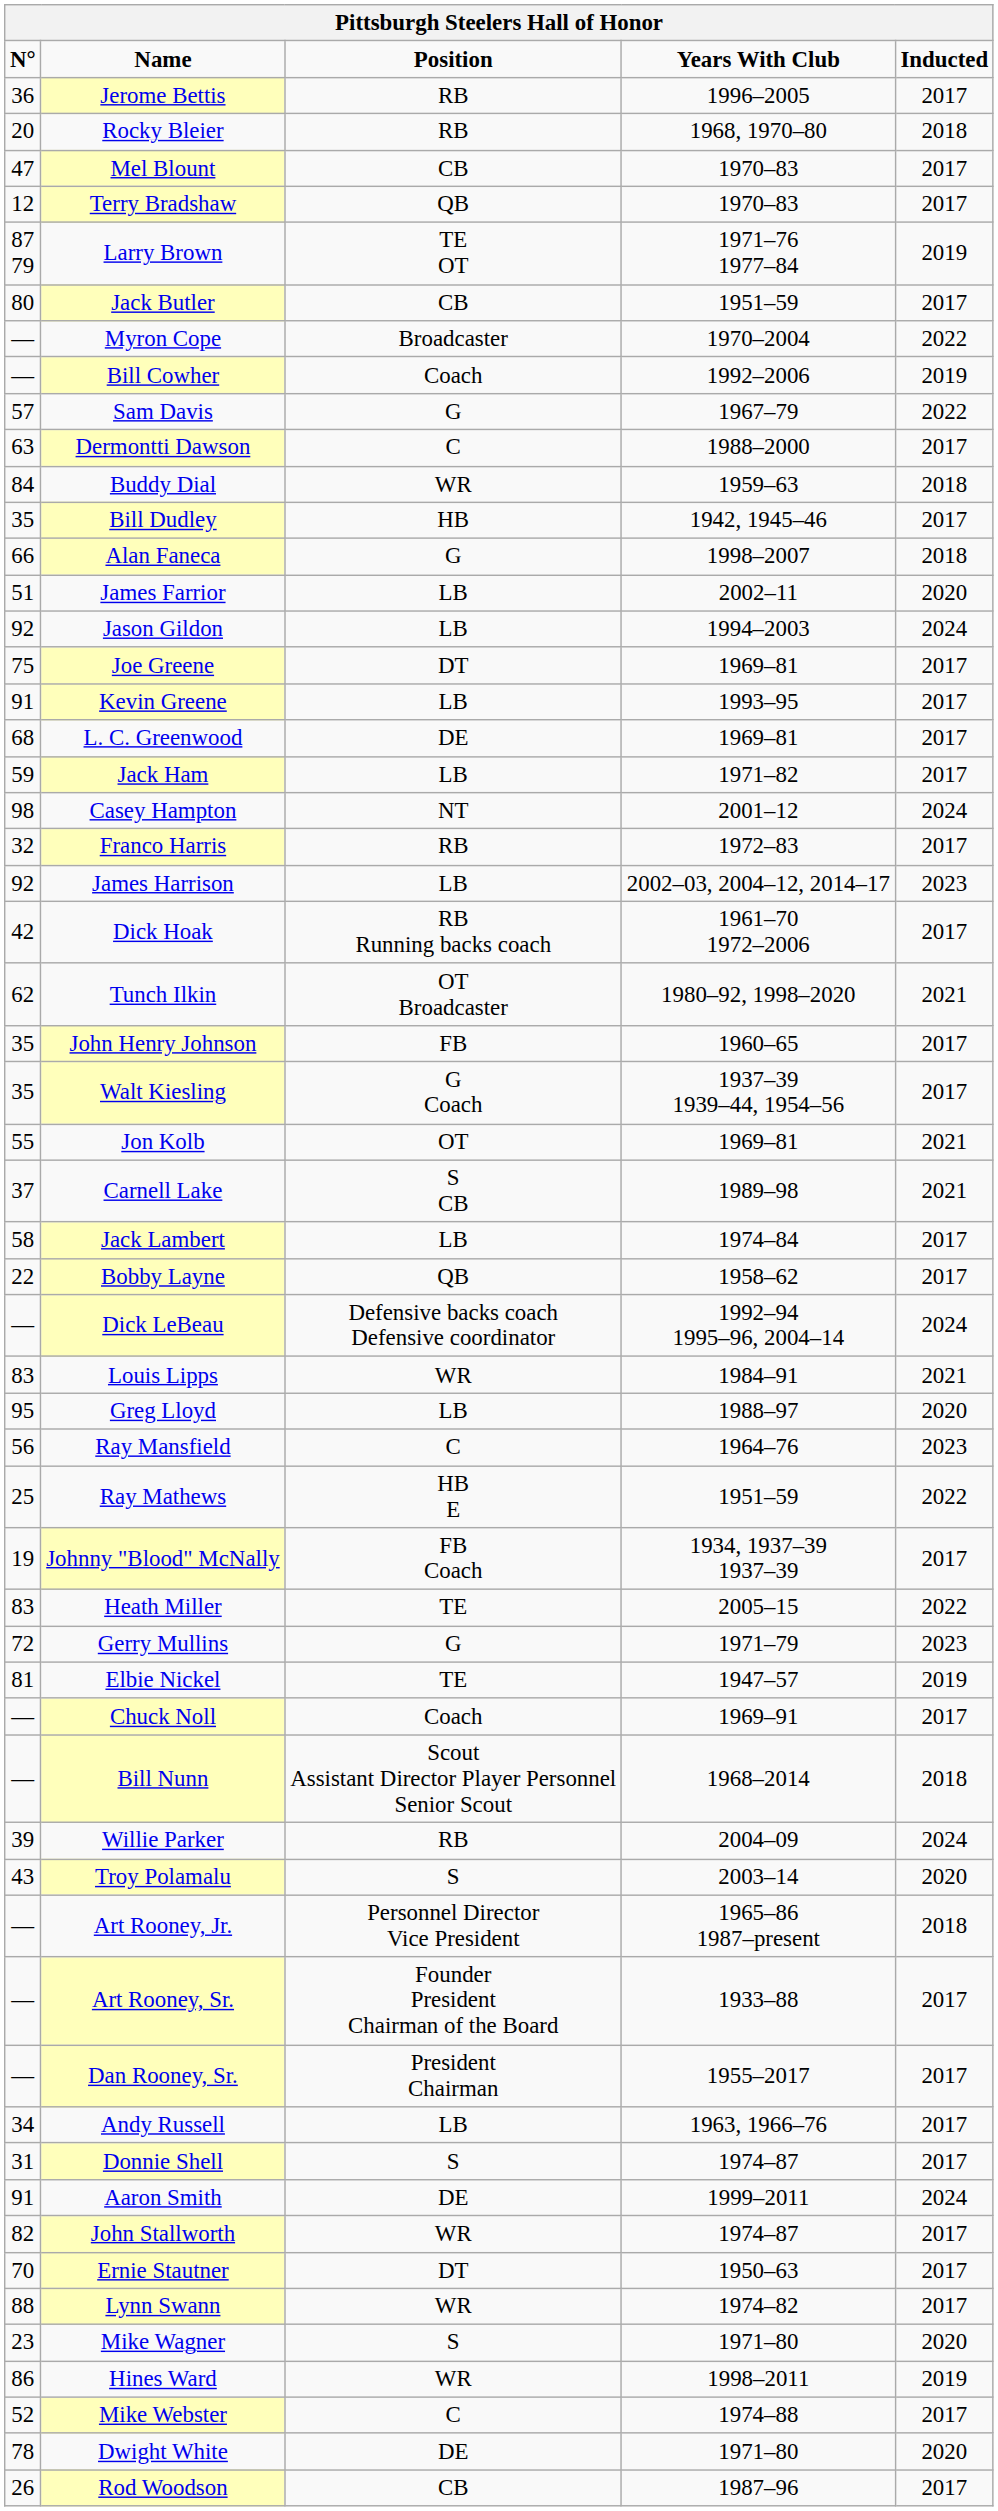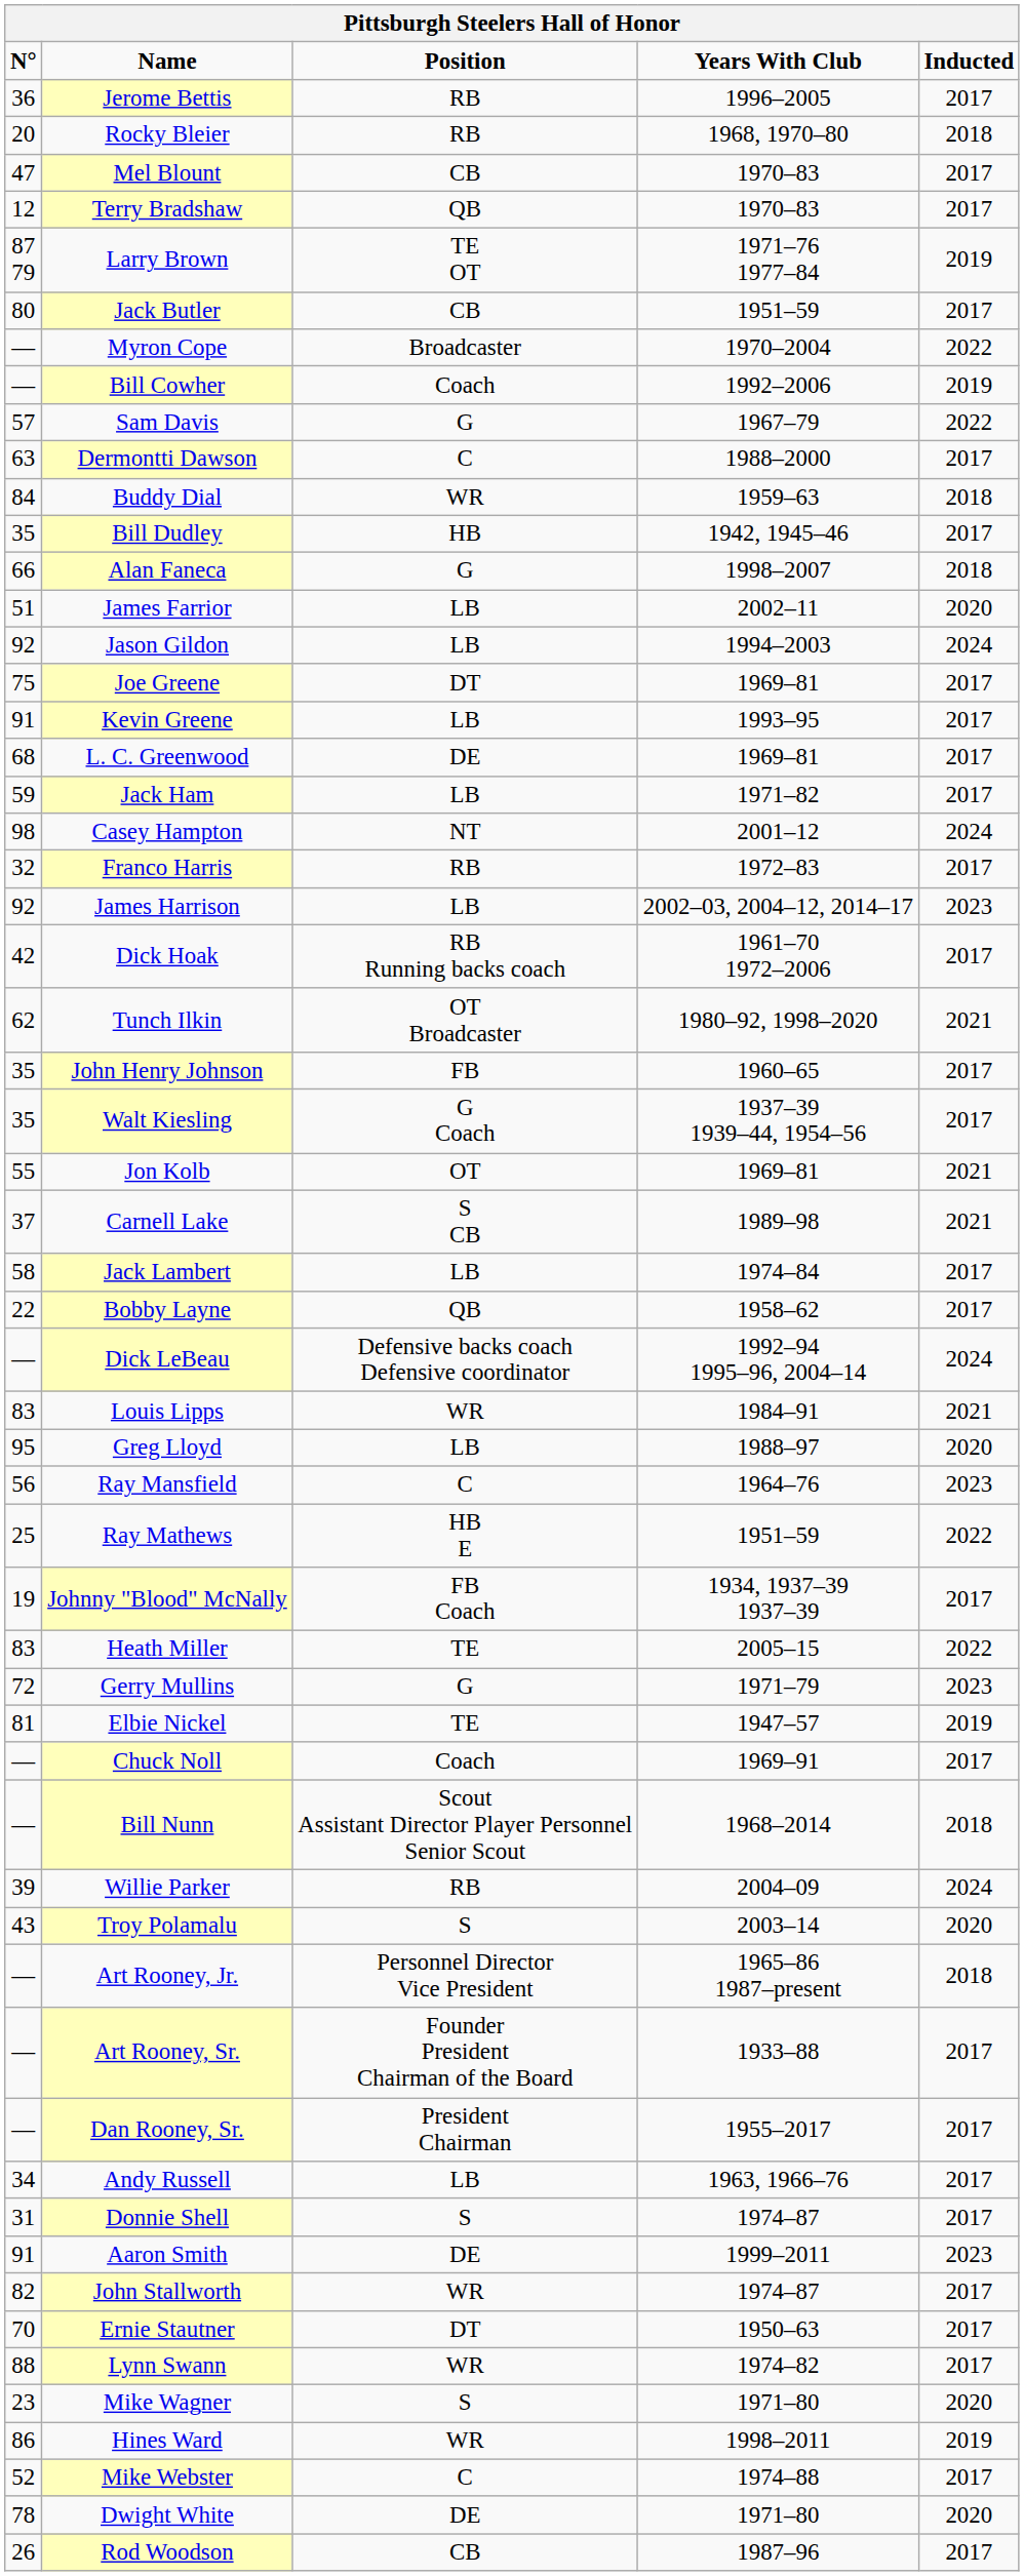 <table class="wikitable" style="text-align:center">
 <tr>
 <th colspan="5">Pittsburgh Steelers Hall of Honor</th>
 </tr>
 <tr>
 <td><strong>N°</strong></td>
 <td><strong>Name</strong></td>
 <td><strong>Position </strong></td>
 <td><strong>Years With Club</strong></td>
 <td><strong>Inducted</strong></td>
 </tr>
 <tr>
 <td>36</td>
 <td style="background:#ffb"><a href='#'>Jerome Bettis</a></td>
 <td>RB</td>
 <td>1996–2005</td>
 <td>2017</td>
 </tr>
 <tr>
 <td>20</td>
 <td><a href='#'>Rocky Bleier</a></td>
 <td>RB</td>
 <td>1968, 1970–80</td>
 <td>2018</td>
 </tr>
 <tr>
 <td>47</td>
 <td style="background:#ffb"><a href='#'>Mel Blount</a></td>
 <td>CB</td>
 <td>1970–83</td>
 <td>2017</td>
 </tr>
 <tr>
 <td>12</td>
 <td style="background:#ffb"><a href='#'>Terry Bradshaw</a></td>
 <td>QB</td>
 <td>1970–83</td>
 <td>2017</td>
 </tr>
 <tr>
 <td>87<br>79<br></td>
 <td><a href='#'>Larry Brown</a></td>
 <td>TE<br>OT<br></td>
 <td>1971–76<br>1977–84 <br></td>
 <td>2019</td>
 </tr>
 <tr>
 <td>80</td>
 <td style="background:#ffb"><a href='#'>Jack Butler</a></td>
 <td>CB</td>
 <td>1951–59</td>
 <td>2017</td>
 </tr>
 <tr>
 <td>—</td>
 <td><a href='#'>Myron Cope</a></td>
 <td>Broadcaster</td>
 <td>1970–2004</td>
 <td>2022</td>
 </tr>
 <tr>
 <td>—</td>
 <td style="background:#ffb"><a href='#'>Bill Cowher</a></td>
 <td>Coach</td>
 <td>1992–2006</td>
 <td>2019</td>
 </tr>
 <tr>
 <td>57</td>
 <td><a href='#'>Sam Davis</a></td>
 <td>G</td>
 <td>1967–79</td>
 <td>2022</td>
 </tr>
 <tr>
 <td>63</td>
 <td style="background:#ffb"><a href='#'>Dermontti Dawson</a></td>
 <td>C</td>
 <td>1988–2000</td>
 <td>2017</td>
 </tr>
 <tr>
 <td>84</td>
 <td><a href='#'>Buddy Dial</a></td>
 <td>WR</td>
 <td>1959–63</td>
 <td>2018</td>
 </tr>
 <tr>
 <td>35</td>
 <td style="background:#ffb"><a href='#'>Bill Dudley</a></td>
 <td>HB</td>
 <td>1942, 1945–46</td>
 <td>2017</td>
 </tr>
 <tr>
 <td>66</td>
 <td style="background:#ffb"><a href='#'>Alan Faneca</a></td>
 <td>G</td>
 <td>1998–2007</td>
 <td>2018</td>
 </tr>
 <tr>
 <td>51</td>
 <td><a href='#'>James Farrior</a></td>
 <td>LB</td>
 <td>2002–11</td>
 <td>2020</td>
 </tr>
 <tr>
 <td>92</td>
 <td><a href='#'>Jason Gildon</a></td>
 <td>LB</td>
 <td>1994–2003</td>
 <td>2024</td>
 </tr>
 <tr>
 <td>75</td>
 <td style="background:#ffb"><a href='#'>Joe Greene</a></td>
 <td>DT</td>
 <td>1969–81</td>
 <td>2017</td>
 </tr>
 <tr>
 <td>91</td>
 <td style="background:#ffb"><a href='#'>Kevin Greene</a></td>
 <td>LB</td>
 <td>1993–95</td>
 <td>2017</td>
 </tr>
 <tr>
 <td>68</td>
 <td><a href='#'>L. C. Greenwood</a></td>
 <td>DE</td>
 <td>1969–81</td>
 <td>2017</td>
 </tr>
 <tr>
 <td>59</td>
 <td style="background:#ffb"><a href='#'>Jack Ham</a></td>
 <td>LB</td>
 <td>1971–82</td>
 <td>2017</td>
 </tr>
 <tr>
 <td>98</td>
 <td><a href='#'>Casey Hampton</a></td>
 <td>NT</td>
 <td>2001–12</td>
 <td>2024</td>
 </tr>
 <tr>
 <td>32</td>
 <td style="background:#ffb"><a href='#'>Franco Harris</a></td>
 <td>RB</td>
 <td>1972–83</td>
 <td>2017</td>
 </tr>
 <tr>
 <td>92</td>
 <td><a href='#'>James Harrison</a></td>
 <td>LB</td>
 <td>2002–03, 2004–12, 2014–17</td>
 <td>2023</td>
 </tr>
 <tr>
 <td>42</td>
 <td><a href='#'>Dick Hoak</a></td>
 <td>RB<br>Running backs coach<br></td>
 <td>1961–70<br>1972–2006<br></td>
 <td>2017</td>
 </tr>
 <tr>
 <td>62</td>
 <td><a href='#'>Tunch Ilkin</a></td>
 <td>OT<br>Broadcaster<br></td>
 <td>1980–92, 1998–2020</td>
 <td>2021</td>
 </tr>
 <tr>
 <td>35</td>
 <td style="background:#ffb"><a href='#'>John Henry Johnson</a></td>
 <td>FB</td>
 <td>1960–65</td>
 <td>2017</td>
 </tr>
 <tr>
 <td>35</td>
 <td style="background:#ffb"><a href='#'>Walt Kiesling</a></td>
 <td>G<br>Coach<br></td>
 <td>1937–39<br>1939–44, 1954–56<br></td>
 <td>2017</td>
 </tr>
 <tr>
 <td>55</td>
 <td><a href='#'>Jon Kolb</a></td>
 <td>OT</td>
 <td>1969–81</td>
 <td>2021</td>
 </tr>
 <tr>
 <td>37</td>
 <td><a href='#'>Carnell Lake</a></td>
 <td>S<br>CB</td>
 <td>1989–98</td>
 <td>2021</td>
 </tr>
 <tr>
 <td>58</td>
 <td style="background:#ffb"><a href='#'>Jack Lambert</a></td>
 <td>LB</td>
 <td>1974–84</td>
 <td>2017</td>
 </tr>
 <tr>
 <td>22</td>
 <td style="background:#ffb"><a href='#'>Bobby Layne</a></td>
 <td>QB</td>
 <td>1958–62</td>
 <td>2017</td>
 </tr>
 <tr>
 <td>—</td>
 <td style="background:#ffb"><a href='#'>Dick LeBeau</a></td>
 <td>Defensive backs coach<br>Defensive coordinator</td>
 <td>1992–94<br>1995–96, 2004–14</td>
 <td>2024</td>
 </tr>
 <tr>
 <td>83</td>
 <td><a href='#'>Louis Lipps</a></td>
 <td>WR</td>
 <td>1984–91</td>
 <td>2021</td>
 </tr>
 <tr>
 <td>95</td>
 <td><a href='#'>Greg Lloyd</a></td>
 <td>LB</td>
 <td>1988–97</td>
 <td>2020</td>
 </tr>
 <tr>
 <td>56</td>
 <td><a href='#'>Ray Mansfield</a></td>
 <td>C</td>
 <td>1964–76</td>
 <td>2023</td>
 </tr>
 <tr>
 <td>25</td>
 <td><a href='#'>Ray Mathews</a></td>
 <td>HB<br>E</td>
 <td>1951–59</td>
 <td>2022</td>
 </tr>
 <tr>
 <td>19</td>
 <td style="background:#ffb"><a href='#'>Johnny "Blood" McNally</a></td>
 <td>FB<br>Coach<br></td>
 <td>1934, 1937–39<br>1937–39<br></td>
 <td>2017</td>
 </tr>
 <tr>
 <td>83</td>
 <td><a href='#'>Heath Miller</a></td>
 <td>TE</td>
 <td>2005–15</td>
 <td>2022</td>
 </tr>
 <tr>
 <td>72</td>
 <td><a href='#'>Gerry Mullins</a></td>
 <td>G</td>
 <td>1971–79</td>
 <td>2023</td>
 </tr>
 <tr>
 <td>81</td>
 <td><a href='#'>Elbie Nickel</a></td>
 <td>TE</td>
 <td>1947–57</td>
 <td>2019</td>
 </tr>
 <tr>
 <td>—</td>
 <td style="background:#ffb"><a href='#'>Chuck Noll</a></td>
 <td>Coach</td>
 <td>1969–91</td>
 <td>2017</td>
 </tr>
 <tr>
 <td>—</td>
 <td style="background:#ffb"><a href='#'>Bill Nunn</a></td>
 <td>Scout<br>Assistant Director Player Personnel<br>Senior Scout<br></td>
 <td>1968–2014</td>
 <td>2018</td>
 </tr>
 <tr>
 <td>39</td>
 <td><a href='#'>Willie Parker</a></td>
 <td>RB</td>
 <td>2004–09</td>
 <td>2024</td>
 </tr>
 <tr>
 <td>43</td>
 <td style="background:#ffb"><a href='#'>Troy Polamalu</a></td>
 <td>S</td>
 <td>2003–14</td>
 <td>2020</td>
 </tr>
 <tr>
 <td>—</td>
 <td><a href='#'>Art Rooney, Jr.</a></td>
 <td>Personnel Director<br>Vice President<br></td>
 <td>1965–86<br>1987–present<br></td>
 <td>2018</td>
 </tr>
 <tr>
 <td>—</td>
 <td style="background:#ffb"><a href='#'>Art Rooney, Sr.</a></td>
 <td>Founder<br>President<br>Chairman of the Board<br></td>
 <td>1933–88</td>
 <td>2017</td>
 </tr>
 <tr>
 <td>—</td>
 <td style="background:#ffb"><a href='#'>Dan Rooney, Sr.</a></td>
 <td>President<br>Chairman<br></td>
 <td>1955–2017</td>
 <td>2017</td>
 </tr>
 <tr>
 <td>34</td>
 <td><a href='#'>Andy Russell</a></td>
 <td>LB</td>
 <td>1963, 1966–76</td>
 <td>2017</td>
 </tr>
 <tr>
 <td>31</td>
 <td style="background:#ffb"><a href='#'>Donnie Shell</a></td>
 <td>S</td>
 <td>1974–87</td>
 <td>2017</td>
 </tr>
 <tr>
 <td>91</td>
 <td><a href='#'>Aaron Smith</a></td>
 <td>DE</td>
 <td>1999–2011</td>
-<td>2024</td>
+<td>2023</td>
 </tr>
 <tr>
 <td>82</td>
 <td style="background:#ffb"><a href='#'>John Stallworth</a></td>
 <td>WR</td>
 <td>1974–87</td>
 <td>2017</td>
 </tr>
 <tr>
 <td>70</td>
 <td style="background:#ffb"><a href='#'>Ernie Stautner</a></td>
 <td>DT</td>
 <td>1950–63</td>
 <td>2017</td>
 </tr>
 <tr>
 <td>88</td>
 <td style="background:#ffb"><a href='#'>Lynn Swann</a></td>
 <td>WR</td>
 <td>1974–82</td>
 <td>2017</td>
 </tr>
 <tr>
 <td>23</td>
 <td><a href='#'>Mike Wagner</a></td>
 <td>S</td>
 <td>1971–80</td>
 <td>2020</td>
 </tr>
 <tr>
 <td>86</td>
 <td><a href='#'>Hines Ward</a></td>
 <td>WR</td>
 <td>1998–2011</td>
 <td>2019</td>
 </tr>
 <tr>
 <td>52</td>
 <td style="background:#ffb"><a href='#'>Mike Webster</a></td>
 <td>C</td>
 <td>1974–88</td>
 <td>2017</td>
 </tr>
 <tr>
 <td>78</td>
 <td><a href='#'>Dwight White</a></td>
 <td>DE</td>
 <td>1971–80</td>
 <td>2020</td>
 </tr>
 <tr>
 <td>26</td>
 <td style="background:#ffb"><a href='#'>Rod Woodson</a></td>
 <td>CB</td>
 <td>1987–96</td>
 <td>2017</td>
 </tr>
 </table>
